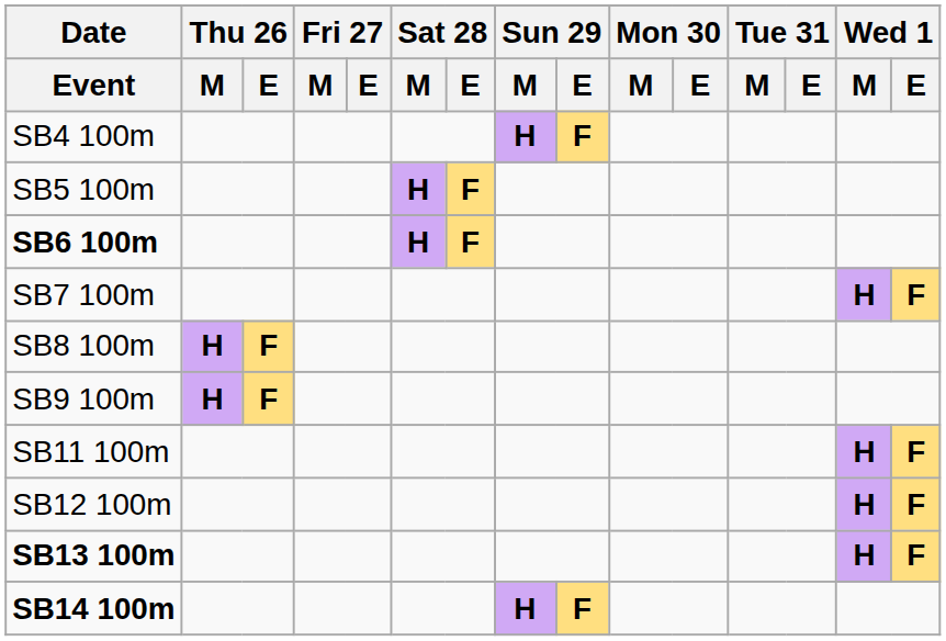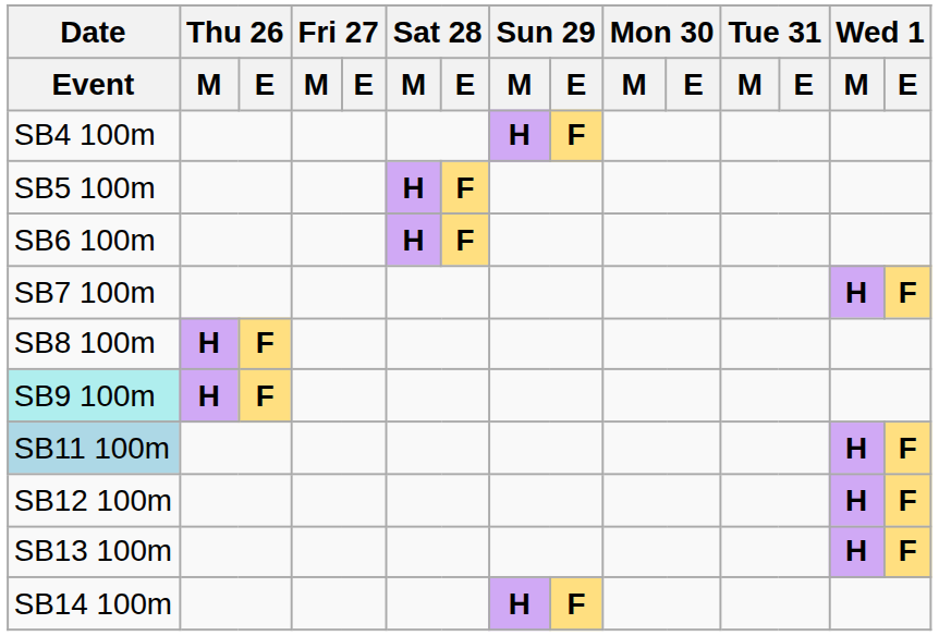 <table class="wikitable" style="margin:0.5em auto; font-size:90%; line-height:1.25em;">
 <tr align="center">
 </tr>
 <tr>
 <th>Date</th>
 <th colspan="2">Thu 26</th>
 <th colspan="2">Fri 27</th>
 <th colspan="2">Sat 28</th>
 <th colspan="2">Sun 29</th>
 <th colspan="2">Mon 30</th>
 <th colspan="2">Tue 31</th>
 <th colspan="2">Wed 1</th>
 </tr>
 <tr>
 <th>Event</th>
 <th>M</th>
 <th>E</th>
 <th>M</th>
 <th>E</th>
 <th>M</th>
 <th>E</th>
 <th>M</th>
 <th>E</th>
 <th>M</th>
 <th>E</th>
 <th>M</th>
 <th>E</th>
 <th>M</th>
 <th>E</th>
 </tr>
 <tr align="center">
 <td align="left">SB4 100m</td>
 <td colspan="2"></td>
 <td colspan="2"></td>
 <td colspan="2"></td>
 <td bgcolor="#D0A9F5"><strong>H</strong></td>
 <td bgcolor="#FFDF80"><strong>F</strong></td>
 <td colspan="2"></td>
 <td colspan="2"></td>
 <td colspan="2"></td>
 </tr>
 <tr align="center">
 <td align="left">SB5 100m</td>
 <td colspan="2"></td>
 <td colspan="2"></td>
 <td bgcolor="#D0A9F5"><strong>H</strong></td>
 <td bgcolor="#FFDF80"><strong>F</strong></td>
 <td colspan="2"></td>
 <td colspan="2"></td>
 <td colspan="2"></td>
 <td colspan="2"></td>
 </tr>
 <tr align="center">
-<td align="left"><strong>SB6 100m</strong></td>
+<td align="left">SB6 100m</td>
 <td colspan="2"></td>
 <td colspan="2"></td>
 <td bgcolor="#D0A9F5"><strong>H</strong></td>
 <td bgcolor="#FFDF80"><strong>F</strong></td>
 <td colspan="2"></td>
 <td colspan="2"></td>
 <td colspan="2"></td>
 <td colspan="2"></td>
 </tr>
 <tr align="center">
 <td align="left">SB7 100m</td>
 <td colspan="2"></td>
 <td colspan="2"></td>
 <td colspan="2"></td>
 <td colspan="2"></td>
 <td colspan="2"></td>
 <td colspan="2"></td>
 <td bgcolor="#D0A9F5"><strong>H</strong></td>
 <td bgcolor="#FFDF80"><strong>F</strong></td>
 </tr>
 <tr align="center">
 <td align="left">SB8 100m</td>
 <td bgcolor="#D0A9F5"><strong>H</strong></td>
 <td bgcolor="#FFDF80"><strong>F</strong></td>
 <td colspan="2"></td>
 <td colspan="2"></td>
 <td colspan="2"></td>
 <td colspan="2"></td>
 <td colspan="2"></td>
 <td colspan="2"></td>
 </tr>
 <tr align="center">
-<td align="left">SB9 100m</td>
+<td align="left" style="background: paleturquoise;">SB9 100m</td>
 <td bgcolor="#D0A9F5"><strong>H</strong></td>
 <td bgcolor="#FFDF80"><strong>F</strong></td>
 <td colspan="2"></td>
 <td colspan="2"></td>
 <td colspan="2"></td>
 <td colspan="2"></td>
 <td colspan="2"></td>
 <td colspan="2"></td>
 </tr>
 <tr align="center">
-<td align="left">SB11 100m</td>
+<td align="left" style="background: lightblue;">SB11 100m</td>
 <td colspan="2"></td>
 <td colspan="2"></td>
 <td colspan="2"></td>
 <td colspan="2"></td>
 <td colspan="2"></td>
 <td colspan="2"></td>
 <td bgcolor="#D0A9F5"><strong>H</strong></td>
 <td bgcolor="#FFDF80"><strong>F</strong></td>
 </tr>
 <tr align="center">
 <td align="left">SB12 100m</td>
 <td colspan="2"></td>
 <td colspan="2"></td>
 <td colspan="2"></td>
 <td colspan="2"></td>
 <td colspan="2"></td>
 <td colspan="2"></td>
 <td bgcolor="#D0A9F5"><strong>H</strong></td>
 <td bgcolor="#FFDF80"><strong>F</strong></td>
 </tr>
 <tr align="center">
-<td align="left"><strong>SB13 100m</strong></td>
+<td align="left">SB13 100m</td>
 <td colspan="2"></td>
 <td colspan="2"></td>
 <td colspan="2"></td>
 <td colspan="2"></td>
 <td colspan="2"></td>
 <td colspan="2"></td>
 <td bgcolor="#D0A9F5"><strong>H</strong></td>
 <td bgcolor="#FFDF80"><strong>F</strong></td>
 </tr>
 <tr align="center">
-<td align="left"><strong>SB14 100m</strong></td>
+<td align="left">SB14 100m</td>
 <td colspan="2"></td>
 <td colspan="2"></td>
 <td colspan="2"></td>
 <td bgcolor="#D0A9F5"><strong>H</strong></td>
 <td bgcolor="#FFDF80"><strong>F</strong></td>
 <td colspan="2"></td>
 <td colspan="2"></td>
 <td colspan="2"></td>
 </tr>
 </table>
